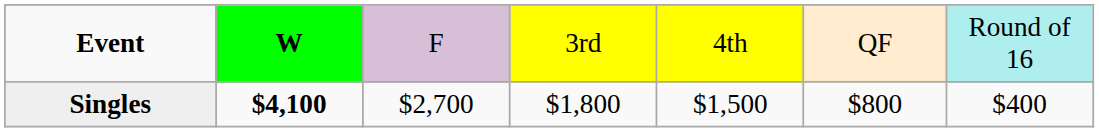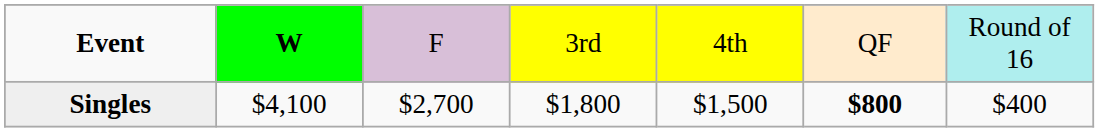 <table class=wikitable style=font-size:95%;text-align:center>
 <tr>
 <td style="width:130px"><strong>Event</strong></td>
 <td style="width:85px; background:lime"><strong>W</strong></td>
 <td style="width:85px; background:thistle">F</td>
 <td style="width:85px; background:#ffff00">3rd</td>
 <td style="width:85px; background:#ffff00">4th</td>
 <td style="width:85px; background:#ffebcd">QF</td>
 <td style="width:85px; background:#afeeee">Round of 16</td>
 </tr>
 <tr>
 <th style=background:#efefef>Singles </th>
-<td><strong>$4,100</strong></td>
+<td>$4,100</td>
 <td>$2,700</td>
 <td>$1,800</td>
 <td>$1,500</td>
-<td>$800</td>
+<td><strong>$800</strong></td>
 <td>$400</td>
 </tr>
 </table>
